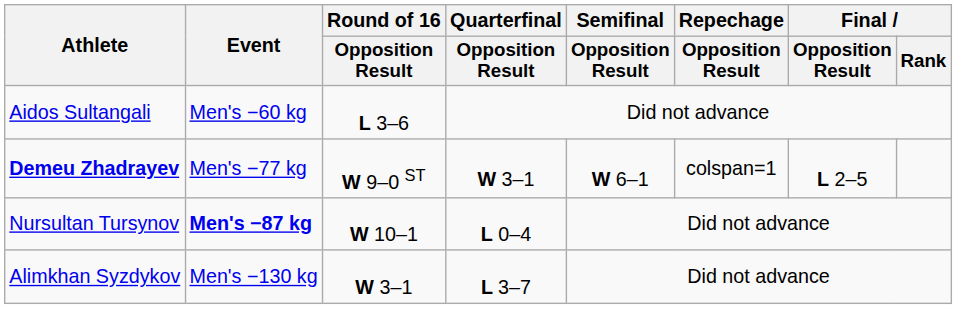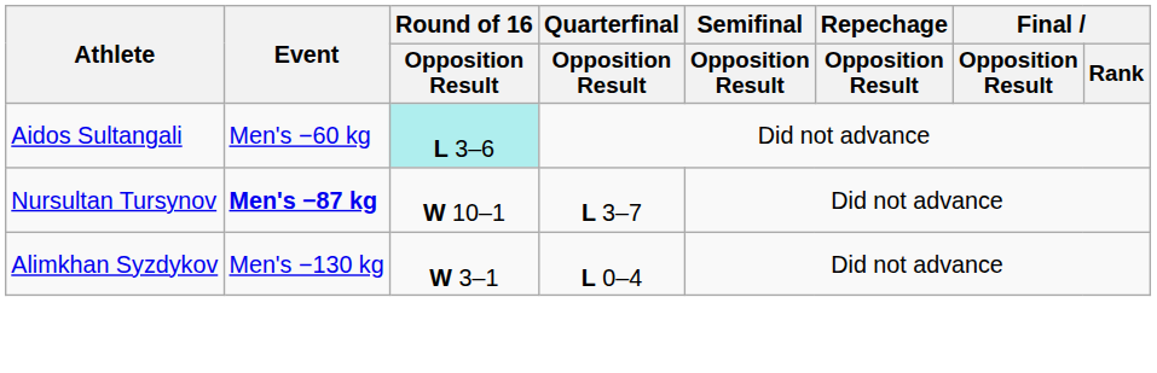 <table class="wikitable" style="font-size:90%">
 <tr>
 <th rowspan=2>Athlete</th>
 <th rowspan=2>Event</th>
 <th>Round of 16</th>
 <th>Quarterfinal</th>
 <th>Semifinal</th>
 <th>Repechage</th>
 <th colspan=2>Final / </th>
 </tr>
 <tr style="font-size: 95%">
 <th>Opposition<br>Result</th>
 <th>Opposition<br>Result</th>
 <th>Opposition<br>Result</th>
 <th>Opposition<br>Result</th>
 <th>Opposition<br>Result</th>
 <th>Rank</th>
 </tr>
 <tr align=center>
 <td align=left><a href='#'>Aidos Sultangali</a></td>
 <td align=left><a href='#'>Men's −60 kg</a></td>
-<td><br><strong>L</strong> 3–6</td>
+<td style="background: paleturquoise;"><br><strong>L</strong> 3–6</td>
 <td colspan="5" align="center">Did not advance</td>
-</tr>
-<tr align=center>
-<td align=left><strong><a href='#'>Demeu Zhadrayev</a></strong></td>
-<td align=left><a href='#'>Men's −77 kg</a></td>
-<td><br><strong>W</strong> 9–0 <sup>ST</sup></td>
-<td><br> <strong>W</strong> 3–1</td>
-<td><br> <strong>W</strong> 6–1</td>
-<td>colspan=1 </td>
-<td><br> <strong>L</strong> 2–5</td>
-<td></td>
 </tr>
 <tr align=center>
 <td align=left><a href='#'>Nursultan Tursynov</a></td>
 <td align=left><strong><a href='#'>Men's −87 kg</a></strong></td>
 <td><br> <strong>W</strong> 10–1</td>
-<td><br> <strong>L</strong> 0–4</td>
+<td><br><strong>L </strong> 3–7</td>
 <td colspan=4>Did not advance</td>
 </tr>
 <tr align=center>
 <td align=left><a href='#'>Alimkhan Syzdykov</a></td>
 <td align=left><a href='#'>Men's −130 kg</a></td>
 <td><br> <strong>W</strong> 3–1</td>
-<td><br><strong>L </strong> 3–7</td>
+<td><br> <strong>L</strong> 0–4</td>
 <td colspan="4" align="center">Did not advance</td>
 </tr>
 </table>
